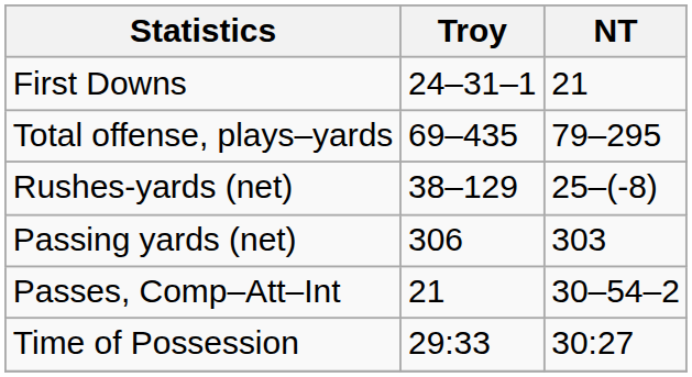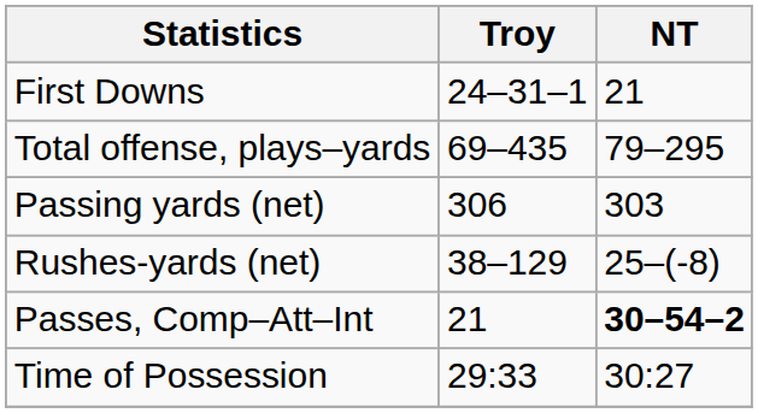 <table class="wikitable">
 <tr>
 <th>Statistics</th>
 <th>Troy</th>
 <th>NT</th>
 </tr>
 <tr>
 <td>First Downs</td>
 <td>24–31–1</td>
 <td>21</td>
 </tr>
 <tr>
 <td>Total offense, plays–yards</td>
 <td>69–435</td>
 <td>79–295</td>
 </tr>
 <tr>
+<td>Passing yards (net)</td>
+<td>306</td>
+<td>303</td>
+</tr>
+<tr>
 <td>Rushes-yards (net)</td>
 <td>38–129</td>
 <td>25–(-8)</td>
 </tr>
 <tr>
-<td>Passing yards (net)</td>
-<td>306</td>
-<td>303</td>
-</tr>
-<tr>
 <td>Passes, Comp–Att–Int</td>
 <td>21</td>
-<td>30–54–2</td>
+<td><strong>30–54–2</strong></td>
 </tr>
 <tr>
 <td>Time of Possession</td>
 <td>29:33</td>
 <td>30:27</td>
 </tr>
 <tr>
 </tr>
 </table>
